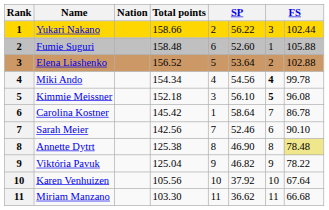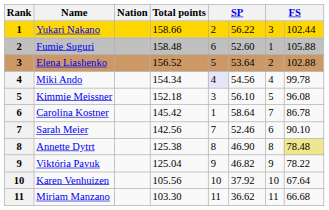 <table class="wikitable">
 <tr>
 <th>Rank</th>
 <th>Name</th>
 <th>Nation</th>
 <th>Total points</th>
 <th colspan="2" width="80px"><a href='#'>SP</a></th>
 <th colspan="2" width="80px"><a href='#'>FS</a></th>
 </tr>
 <tr bgcolor="gold">
 <td align="center"><strong>1</strong></td>
 <td><a href='#'>Yukari Nakano</a></td>
 <td></td>
 <td>158.66</td>
 <td>2</td>
 <td>56.22</td>
 <td>3</td>
 <td>102.44</td>
 </tr>
 <tr bgcolor="silver">
 <td align="center"><strong>2</strong></td>
 <td><a href='#'>Fumie Suguri</a></td>
 <td></td>
 <td>158.48</td>
 <td>6</td>
 <td>52.60</td>
 <td>1</td>
 <td>105.88</td>
 </tr>
 <tr bgcolor="cc9966">
 <td align="center"><strong>3</strong></td>
 <td><a href='#'>Elena Liashenko</a></td>
 <td></td>
 <td>156.52</td>
 <td>5</td>
 <td>53.64</td>
 <td>2</td>
 <td>102.88</td>
 </tr>
 <tr>
 <th>4</th>
 <td><a href='#'>Miki Ando</a></td>
 <td></td>
 <td>154.34</td>
+<td style="background: lavender;">4</td>
+<td>54.56</td>
 <td>4</td>
-<td>54.56</td>
-<td><strong>4</strong></td>
 <td>99.78</td>
 </tr>
 <tr>
 <th>5</th>
 <td><a href='#'>Kimmie Meissner</a></td>
 <td></td>
 <td>152.18</td>
 <td>3</td>
 <td>56.10</td>
-<td><strong>5</strong></td>
+<td>5</td>
 <td>96.08</td>
 </tr>
 <tr>
 <th>6</th>
 <td><a href='#'>Carolina Kostner</a></td>
 <td></td>
 <td>145.42</td>
 <td>1</td>
 <td>58.64</td>
 <td>7</td>
 <td>86.78</td>
 </tr>
 <tr>
 <th>7</th>
 <td><a href='#'>Sarah Meier</a></td>
 <td></td>
 <td>142.56</td>
 <td>7</td>
 <td>52.46</td>
 <td>6</td>
 <td>90.10</td>
 </tr>
 <tr>
 <th>8</th>
 <td><a href='#'>Annette Dytrt</a></td>
 <td></td>
 <td>125.38</td>
 <td>8</td>
 <td>46.90</td>
 <td>8</td>
 <td style="background: khaki;">78.48</td>
 </tr>
 <tr>
 <th>9</th>
 <td><a href='#'>Viktória Pavuk</a></td>
 <td></td>
 <td>125.04</td>
 <td>9</td>
 <td>46.82</td>
 <td>9</td>
 <td>78.22</td>
 </tr>
 <tr>
 <th>10</th>
 <td><a href='#'>Karen Venhuizen</a></td>
 <td></td>
 <td>105.56</td>
 <td>10</td>
 <td>37.92</td>
 <td>10</td>
 <td>67.64</td>
 </tr>
 <tr>
 <th>11</th>
 <td><a href='#'>Miriam Manzano</a></td>
 <td></td>
 <td>103.30</td>
 <td>11</td>
 <td>36.62</td>
 <td>11</td>
 <td>66.68</td>
 </tr>
 </table>
